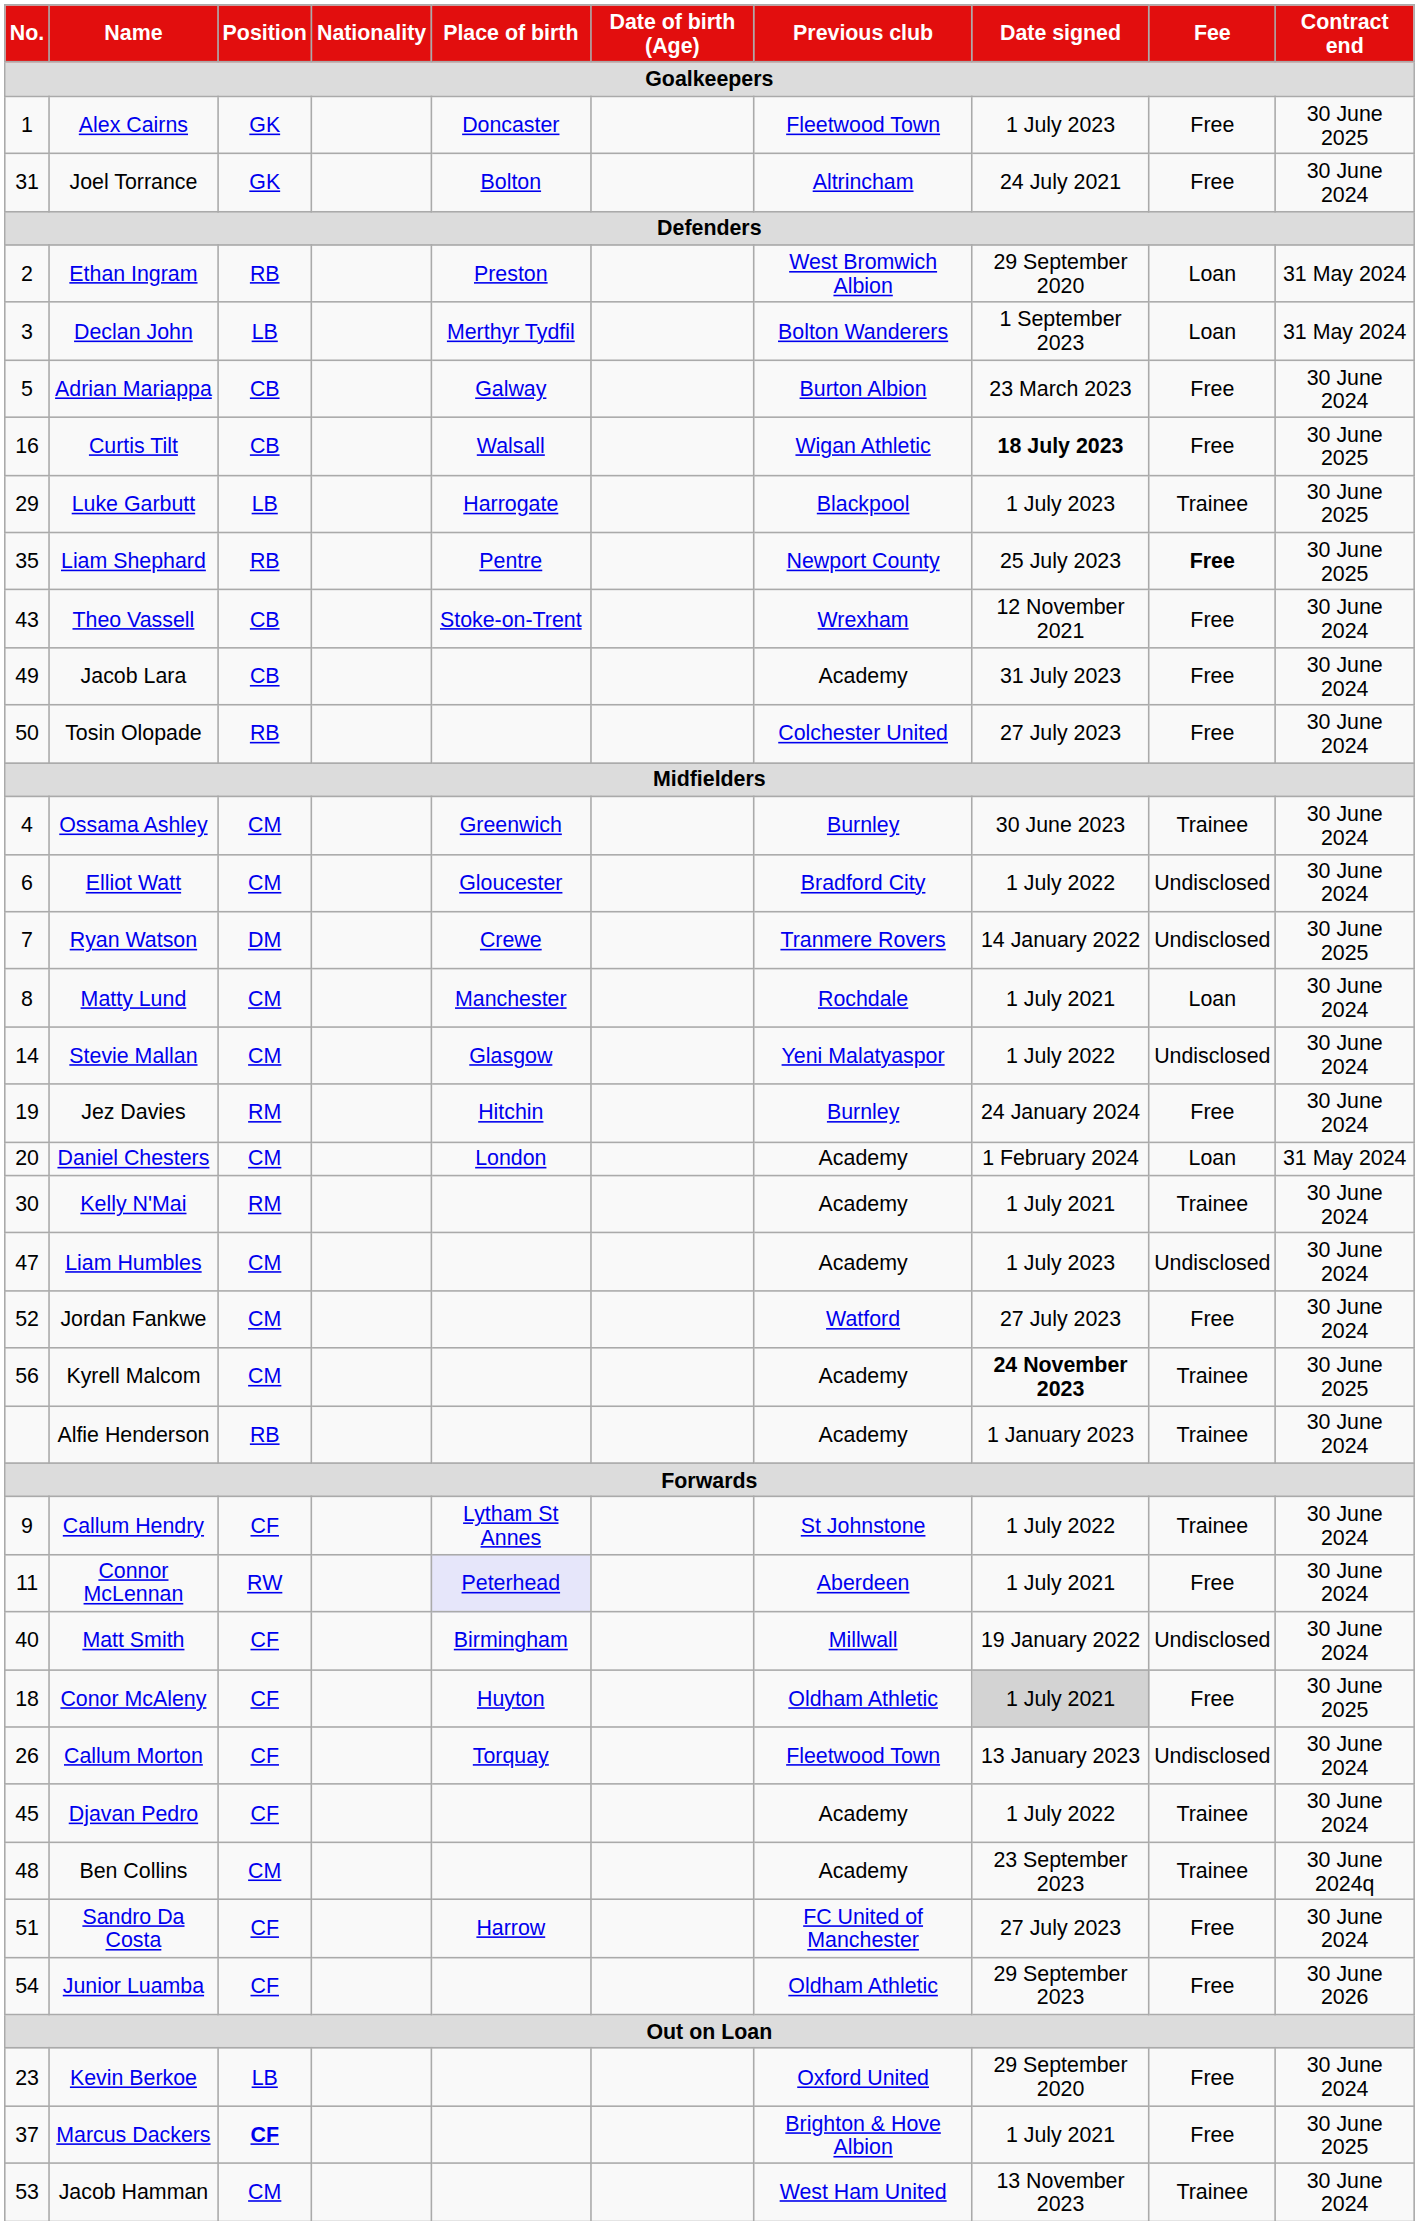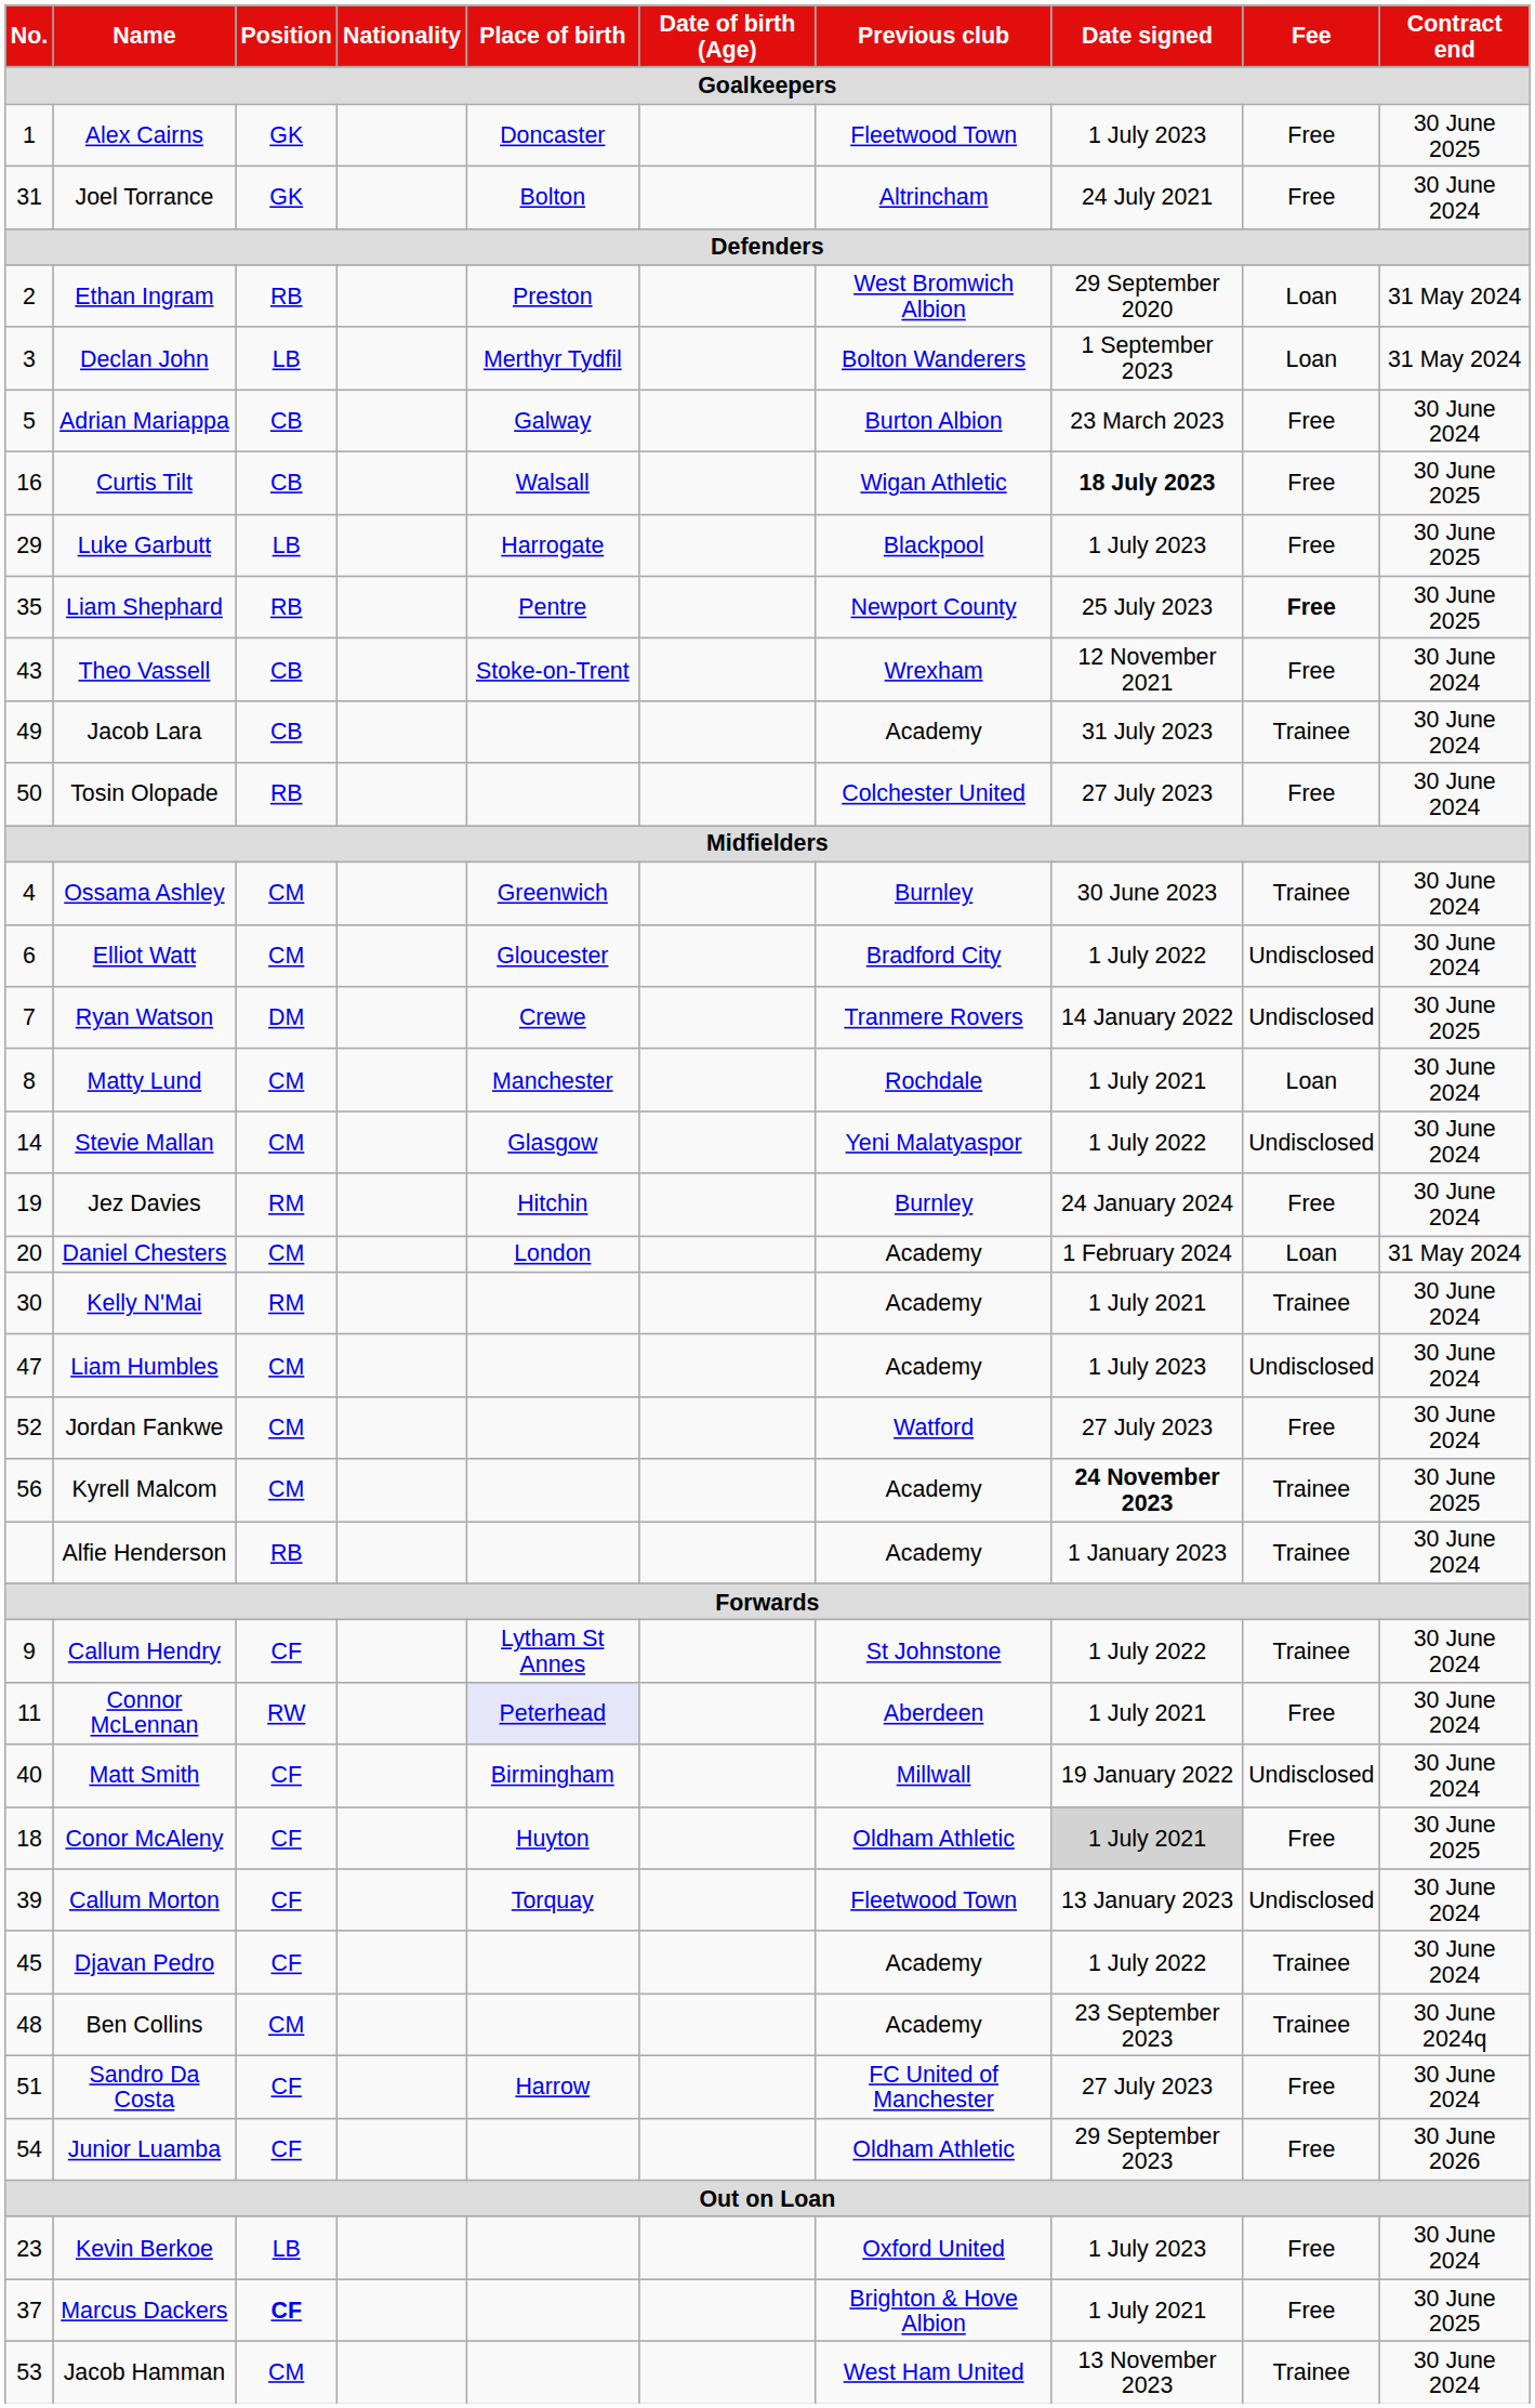 <table class="wikitable" style="text-align:center; font-size:84.5%; width:101%;">
 <tr>
 <th style="background:#e20e0e;color:white;">No.</th>
 <th style="background:#e20e0e;color:white;">Name</th>
 <th style="background:#e20e0e;color:white;">Position</th>
 <th style="background:#e20e0e;color:white;">Nationality</th>
 <th style="background:#e20e0e;color:white;">Place of birth</th>
 <th style="background:#e20e0e;color:white;">Date of birth (Age)</th>
 <th style="background:#e20e0e;color:white;">Previous club</th>
 <th style="background:#e20e0e;color:white;">Date signed</th>
 <th style="background:#e20e0e;color:white;">Fee</th>
 <th style="background:#e20e0e;color:white;">Contract end</th>
 </tr>
 <tr>
 <th colspan="14" style="background:#dcdcdc; tepxt-align:center;">Goalkeepers</th>
 </tr>
 <tr>
 <td>1</td>
 <td><a href='#'>Alex Cairns</a></td>
 <td><a href='#'>GK</a></td>
 <td></td>
 <td><a href='#'>Doncaster</a></td>
 <td></td>
 <td><a href='#'>Fleetwood Town</a></td>
 <td>1 July 2023</td>
 <td>Free</td>
 <td>30 June 2025</td>
 </tr>
 <tr>
 <td>31</td>
 <td>Joel Torrance</td>
 <td><a href='#'>GK</a></td>
 <td></td>
 <td><a href='#'>Bolton</a></td>
 <td></td>
 <td><a href='#'>Altrincham</a></td>
 <td>24 July 2021</td>
 <td>Free</td>
 <td>30 June 2024</td>
 </tr>
 <tr>
 <th colspan="14" style="background:#dcdcdc; tepxt-align:center;">Defenders</th>
 </tr>
 <tr>
 <td>2</td>
 <td><a href='#'>Ethan Ingram</a></td>
 <td><a href='#'>RB</a></td>
 <td></td>
 <td> <a href='#'>Preston</a></td>
 <td></td>
 <td><a href='#'>West Bromwich Albion</a></td>
 <td>29 September 2020</td>
 <td>Loan</td>
 <td>31 May 2024</td>
 </tr>
 <tr>
 <td>3</td>
 <td><a href='#'>Declan John</a></td>
 <td><a href='#'>LB</a></td>
 <td></td>
 <td><a href='#'>Merthyr Tydfil</a></td>
 <td></td>
 <td><a href='#'>Bolton Wanderers</a></td>
 <td>1 September 2023</td>
 <td>Loan</td>
 <td>31 May 2024</td>
 </tr>
 <tr>
 <td>5</td>
 <td><a href='#'>Adrian Mariappa</a></td>
 <td><a href='#'>CB</a></td>
 <td></td>
 <td><a href='#'>Galway</a></td>
 <td></td>
 <td><a href='#'>Burton Albion</a></td>
 <td>23 March 2023</td>
 <td>Free</td>
 <td>30 June 2024</td>
 </tr>
 <tr>
 <td>16</td>
 <td><a href='#'>Curtis Tilt</a></td>
 <td><a href='#'>CB</a></td>
 <td></td>
 <td> <a href='#'>Walsall</a></td>
 <td></td>
 <td><a href='#'>Wigan Athletic</a></td>
 <td><strong>18 July 2023</strong></td>
 <td>Free</td>
 <td>30 June 2025</td>
 </tr>
 <tr>
 <td>29</td>
 <td><a href='#'>Luke Garbutt</a></td>
 <td><a href='#'>LB</a></td>
 <td></td>
 <td><a href='#'>Harrogate</a></td>
 <td></td>
 <td><a href='#'>Blackpool</a></td>
 <td>1 July 2023</td>
-<td>Trainee</td>
+<td>Free</td>
 <td>30 June 2025</td>
 </tr>
 <tr>
 <td>35</td>
 <td><a href='#'>Liam Shephard</a></td>
 <td><a href='#'>RB</a></td>
 <td></td>
 <td><a href='#'>Pentre</a></td>
 <td></td>
 <td> <a href='#'>Newport County</a></td>
 <td>25 July 2023</td>
 <td><strong>Free</strong></td>
 <td>30 June 2025</td>
 </tr>
 <tr>
 <td>43</td>
 <td><a href='#'>Theo Vassell</a></td>
 <td><a href='#'>CB</a></td>
 <td></td>
 <td><a href='#'>Stoke-on-Trent</a></td>
 <td></td>
 <td><a href='#'>Wrexham</a></td>
 <td>12 November 2021</td>
 <td>Free</td>
 <td>30 June 2024</td>
 </tr>
 <tr>
 <td>49</td>
 <td>Jacob Lara</td>
 <td><a href='#'>CB</a></td>
 <td></td>
 <td></td>
 <td></td>
 <td>Academy</td>
 <td>31 July 2023</td>
-<td>Free</td>
+<td>Trainee</td>
 <td>30 June 2024</td>
 </tr>
 <tr>
 <td>50</td>
 <td>Tosin Olopade</td>
 <td><a href='#'>RB</a></td>
 <td></td>
 <td></td>
 <td></td>
 <td><a href='#'>Colchester United</a></td>
 <td>27 July 2023</td>
 <td>Free</td>
 <td>30 June 2024</td>
 </tr>
 <tr>
 <th colspan="14" style="background:#dcdcdc; tepxt-align:center;">Midfielders</th>
 </tr>
 <tr>
 <td>4</td>
 <td><a href='#'>Ossama Ashley</a></td>
 <td><a href='#'>CM</a></td>
 <td></td>
 <td><a href='#'>Greenwich</a></td>
 <td></td>
 <td><a href='#'>Burnley</a></td>
 <td>30 June 2023</td>
 <td>Trainee</td>
 <td>30 June 2024</td>
 </tr>
 <tr>
 <td>6</td>
 <td><a href='#'>Elliot Watt</a></td>
 <td><a href='#'>CM</a></td>
 <td></td>
 <td><a href='#'>Gloucester</a></td>
 <td></td>
 <td><a href='#'>Bradford City</a></td>
 <td>1 July 2022</td>
 <td>Undisclosed</td>
 <td>30 June 2024</td>
 </tr>
 <tr>
 <td>7</td>
 <td><a href='#'>Ryan Watson</a></td>
 <td><a href='#'>DM</a></td>
 <td></td>
 <td><a href='#'>Crewe</a></td>
 <td></td>
 <td><a href='#'>Tranmere Rovers</a></td>
 <td>14 January 2022</td>
 <td>Undisclosed</td>
 <td>30 June 2025</td>
 </tr>
 <tr>
 <td>8</td>
 <td><a href='#'>Matty Lund</a></td>
 <td><a href='#'>CM</a></td>
 <td></td>
 <td> <a href='#'>Manchester</a></td>
 <td></td>
 <td><a href='#'>Rochdale</a></td>
 <td>1 July 2021</td>
 <td>Loan</td>
 <td>30 June 2024</td>
 </tr>
 <tr>
 <td>14</td>
 <td><a href='#'>Stevie Mallan</a></td>
 <td><a href='#'>CM</a></td>
 <td></td>
 <td><a href='#'>Glasgow</a></td>
 <td></td>
 <td> <a href='#'>Yeni Malatyaspor</a></td>
 <td>1 July 2022</td>
 <td>Undisclosed</td>
 <td>30 June 2024</td>
 </tr>
 <tr>
 <td>19</td>
 <td>Jez Davies</td>
 <td><a href='#'>RM</a></td>
 <td></td>
 <td><a href='#'>Hitchin</a></td>
 <td></td>
 <td><a href='#'>Burnley</a></td>
 <td>24 January 2024</td>
 <td>Free</td>
 <td>30 June 2024</td>
 </tr>
 <tr>
 <td>20</td>
 <td><a href='#'>Daniel Chesters</a></td>
 <td><a href='#'>CM</a></td>
 <td></td>
 <td><a href='#'>London</a></td>
 <td></td>
 <td>Academy</td>
 <td>1 February 2024</td>
 <td>Loan</td>
 <td>31 May 2024</td>
 </tr>
 <tr>
 <td>30</td>
 <td><a href='#'>Kelly N'Mai</a></td>
 <td><a href='#'>RM</a></td>
 <td></td>
 <td></td>
 <td></td>
 <td>Academy</td>
 <td>1 July 2021</td>
 <td>Trainee</td>
 <td>30 June 2024</td>
 </tr>
 <tr>
 <td>47</td>
 <td><a href='#'>Liam Humbles</a></td>
 <td><a href='#'>CM</a></td>
 <td></td>
 <td></td>
 <td></td>
 <td>Academy</td>
 <td>1 July 2023</td>
 <td>Undisclosed</td>
 <td>30 June 2024</td>
 </tr>
 <tr>
 <td>52</td>
 <td>Jordan Fankwe</td>
 <td><a href='#'>CM</a></td>
 <td></td>
 <td></td>
 <td></td>
 <td><a href='#'>Watford</a></td>
 <td>27 July 2023</td>
 <td>Free</td>
 <td>30 June 2024</td>
 </tr>
 <tr>
 <td>56</td>
 <td>Kyrell Malcom</td>
 <td><a href='#'>CM</a></td>
 <td></td>
 <td></td>
 <td></td>
 <td>Academy</td>
 <td><strong>24 November 2023</strong></td>
 <td>Trainee</td>
 <td>30 June 2025</td>
 </tr>
 <tr>
 <td></td>
 <td>Alfie Henderson</td>
 <td><a href='#'>RB</a></td>
 <td></td>
 <td></td>
 <td></td>
 <td>Academy</td>
 <td>1 January 2023</td>
 <td>Trainee</td>
 <td>30 June 2024</td>
 </tr>
 <tr>
 <th colspan="14" style="background:#dcdcdc; tepxt-align:center;">Forwards</th>
 </tr>
 <tr>
 <td>9</td>
 <td><a href='#'>Callum Hendry</a></td>
 <td><a href='#'>CF</a></td>
 <td></td>
 <td> <a href='#'>Lytham St Annes</a></td>
 <td></td>
 <td> <a href='#'>St Johnstone</a></td>
 <td>1 July 2022</td>
 <td>Trainee</td>
 <td>30 June 2024</td>
 </tr>
 <tr>
 <td>11</td>
 <td><a href='#'>Connor McLennan</a></td>
 <td><a href='#'>RW</a></td>
 <td></td>
 <td style="background: lavender;"><a href='#'>Peterhead</a></td>
 <td></td>
 <td> <a href='#'>Aberdeen</a></td>
 <td>1 July 2021</td>
 <td>Free</td>
 <td>30 June 2024</td>
 </tr>
 <tr>
 <td>40</td>
 <td><a href='#'>Matt Smith</a></td>
 <td><a href='#'>CF</a></td>
 <td></td>
 <td><a href='#'>Birmingham</a></td>
 <td></td>
 <td><a href='#'>Millwall</a></td>
 <td>19 January 2022</td>
 <td>Undisclosed</td>
 <td>30 June 2024</td>
 </tr>
 <tr>
 <td>18</td>
 <td><a href='#'>Conor McAleny</a></td>
 <td><a href='#'>CF</a></td>
 <td></td>
 <td><a href='#'>Huyton</a></td>
 <td></td>
 <td><a href='#'>Oldham Athletic</a></td>
 <td style="background: lightgrey;">1 July 2021</td>
 <td>Free</td>
 <td>30 June 2025</td>
 </tr>
 <tr>
-<td>26</td>
+<td>39</td>
 <td><a href='#'>Callum Morton</a></td>
 <td><a href='#'>CF</a></td>
 <td></td>
 <td><a href='#'>Torquay</a></td>
 <td></td>
 <td><a href='#'>Fleetwood Town</a></td>
 <td>13 January 2023</td>
 <td>Undisclosed</td>
 <td>30 June 2024</td>
 </tr>
 <tr>
 <td>45</td>
 <td><a href='#'>Djavan Pedro</a></td>
 <td><a href='#'>CF</a></td>
 <td></td>
 <td></td>
 <td></td>
 <td>Academy</td>
 <td>1 July 2022</td>
 <td>Trainee</td>
 <td>30 June 2024</td>
 </tr>
 <tr>
 <td>48</td>
 <td>Ben Collins</td>
 <td><a href='#'>CM</a></td>
 <td></td>
 <td></td>
 <td></td>
 <td>Academy</td>
 <td>23 September 2023</td>
 <td>Trainee</td>
 <td>30 June 2024q</td>
 </tr>
 <tr>
 <td>51</td>
 <td><a href='#'>Sandro Da Costa</a></td>
 <td><a href='#'>CF</a></td>
 <td></td>
 <td> <a href='#'>Harrow</a></td>
 <td></td>
 <td><a href='#'>FC United of Manchester</a></td>
 <td>27 July 2023</td>
 <td>Free</td>
 <td>30 June 2024</td>
 </tr>
 <tr>
 <td>54</td>
 <td><a href='#'>Junior Luamba</a></td>
 <td><a href='#'>CF</a></td>
 <td></td>
 <td></td>
 <td></td>
 <td><a href='#'>Oldham Athletic</a></td>
 <td>29 September 2023</td>
 <td>Free</td>
 <td>30 June 2026</td>
 </tr>
 <tr>
 <th colspan="14" style="background:#dcdcdc; tepxt-align:center;">Out on Loan</th>
 </tr>
 <tr>
 <td>23</td>
 <td><a href='#'>Kevin Berkoe</a></td>
 <td><a href='#'>LB</a></td>
 <td></td>
 <td></td>
 <td></td>
 <td><a href='#'>Oxford United</a></td>
-<td>29 September 2020</td>
+<td>1 July 2023</td>
 <td>Free</td>
 <td>30 June 2024</td>
 </tr>
 <tr>
 <td>37</td>
 <td><a href='#'>Marcus Dackers</a></td>
 <td><strong><a href='#'>CF</a></strong></td>
 <td></td>
 <td></td>
 <td></td>
 <td><a href='#'>Brighton & Hove Albion</a></td>
 <td>1 July 2021</td>
 <td>Free</td>
 <td>30 June 2025</td>
 </tr>
 <tr>
 <td>53</td>
 <td>Jacob Hamman</td>
 <td><a href='#'>CM</a></td>
 <td></td>
 <td></td>
 <td></td>
 <td><a href='#'>West Ham United</a></td>
 <td>13 November 2023</td>
 <td>Trainee</td>
 <td>30 June 2024</td>
 </tr>
 </table>
